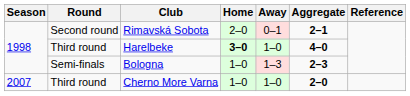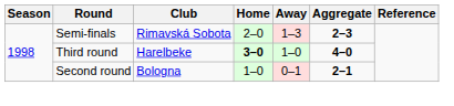 <table class="wikitable">
 <tr>
 <th>Season</th>
 <th>Round</th>
 <th>Club</th>
 <th>Home</th>
 <th>Away</th>
 <th>Aggregate</th>
 <th>Reference</th>
 </tr>
 <tr>
 <td rowspan=3><a href='#'>1998</a></td>
-<td>Second round</td>
+<td>Semi-finals</td>
 <td> <a href='#'>Rimavská Sobota</a></td>
 <td style="text-align:center; background:#dfd;">2–0</td>
-<td style="text-align:center; background:#fdd;">0–1</td>
-<td style="text-align:center;"><strong>2–1</strong></td>
+<td style="text-align:center; background:#fdd;">1–3</td>
+<td style="text-align:center;"><strong>2–3</strong></td>
 <td rowspan="3" style="text-align:center;"></td>
 </tr>
 <tr>
 <td>Third round</td>
 <td> <a href='#'>Harelbeke</a></td>
 <td style="text-align:center; background:#dfd;"><strong>3–0</strong></td>
 <td style="text-align:center; background:#dfd;">1–0</td>
 <td style="text-align:center;"><strong>4–0</strong></td>
 </tr>
 <tr>
-<td>Semi-finals</td>
+<td>Second round</td>
 <td> <a href='#'>Bologna</a></td>
 <td style="text-align:center; background:#dfd;">1–0</td>
-<td style="text-align:center; background:#fdd;">1–3</td>
-<td style="text-align:center;"><strong>2–3</strong></td>
-</tr>
-<tr>
-<td><a href='#'>2007</a></td>
-<td>Third round</td>
-<td> <a href='#'>Cherno More Varna</a></td>
-<td style="text-align:center; background:#dfd;">1–0</td>
-<td style="text-align:center; background:#dfd;">1–0</td>
-<td style="text-align:center;"><strong>2–0</strong></td>
-<td style="text-align:center;"></td>
+<td style="text-align:center; background:#fdd;">0–1</td>
+<td style="text-align:center;"><strong>2–1</strong></td>
 </tr>
 </table>
